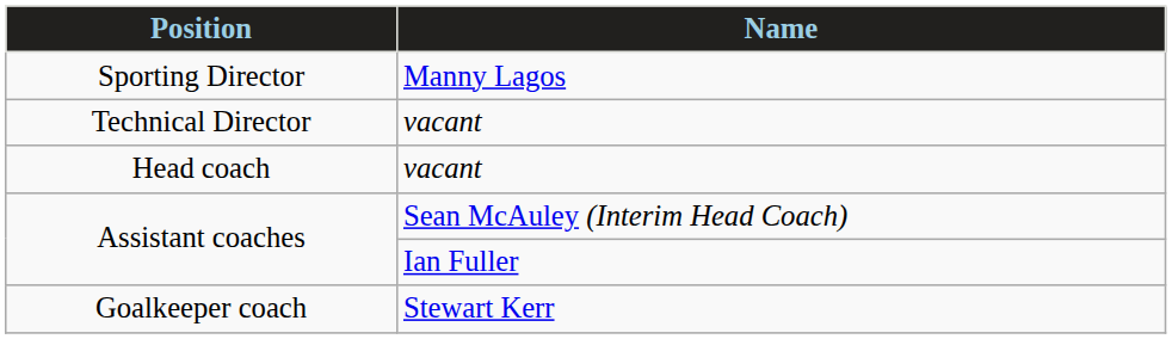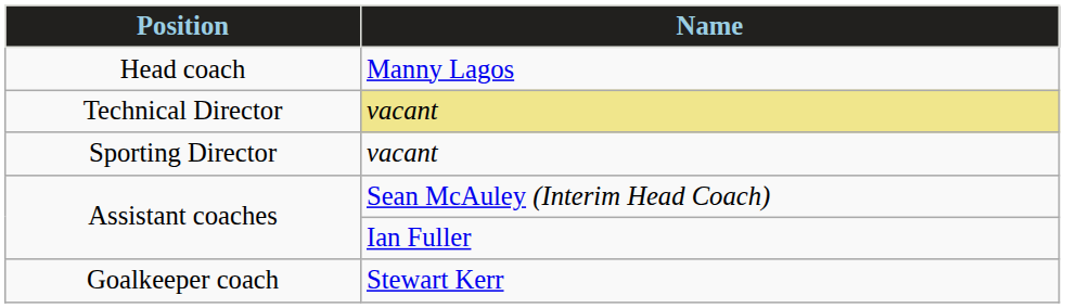 <table class="wikitable" style="text-align:center; width:50%;">
 <tr>
 <th style="background:#21201E;color:#9BCEE3;border:1px solid #E1E2DD">Position</th>
 <th style="background:#21201E;color:#9BCEE3;border:1px solid #E1E2DD">Name</th>
 </tr>
 <tr>
-<td>Sporting Director</td>
+<td>Head coach</td>
 <td align="left"> <a href='#'>Manny Lagos</a></td>
 </tr>
 <tr>
 <td>Technical Director</td>
-<td align="left"><em>vacant</em> </td>
+<td align="left" style="background: khaki;"><em>vacant</em> </td>
 </tr>
 <tr>
-<td>Head coach</td>
+<td>Sporting Director</td>
 <td align="left"><em>vacant</em> </td>
 </tr>
 <tr>
 <td rowspan="2">Assistant coaches</td>
 <td align="left"> <a href='#'>Sean McAuley</a> <em>(Interim Head Coach)</em></td>
 </tr>
 <tr>
 <td align="left"> <a href='#'>Ian Fuller</a></td>
 </tr>
 <tr>
 <td>Goalkeeper coach</td>
 <td align="left"> <a href='#'>Stewart Kerr</a></td>
 </tr>
 </table>
